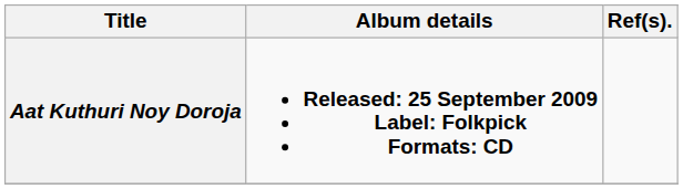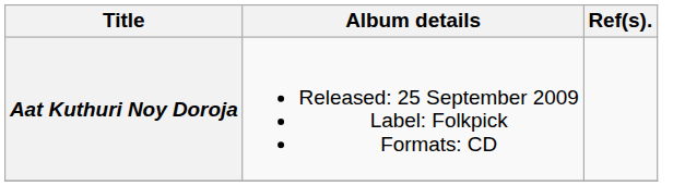 <table class="wikitable plainrowheaders" style="text-align:center;">
 <tr>
 <th>Title</th>
 <th>Album details</th>
 <th>Ref(s).</th>
 </tr>
 <tr>
 <th scope="row"><em>Aat Kuthuri Noy Doroja</em></th>
-<td><strong><br><ul><li>Released: 25 September 2009</li><li>Label: Folkpick</li><li>Formats: CD</li></ul></strong></td>
+<td><br><ul><li>Released: 25 September 2009</li><li>Label: Folkpick</li><li>Formats: CD</li></ul></td>
 <td></td>
 </tr>
 <tr>
 </tr>
 </table>
